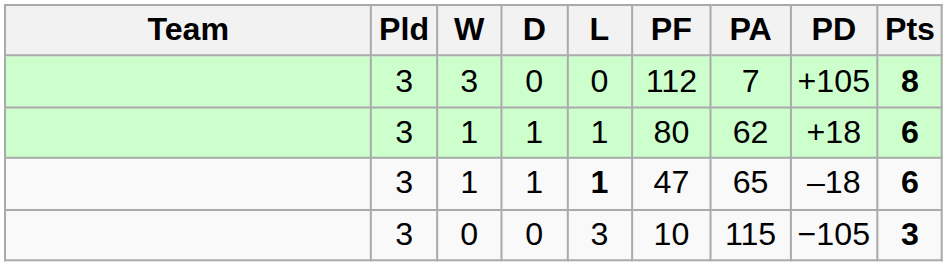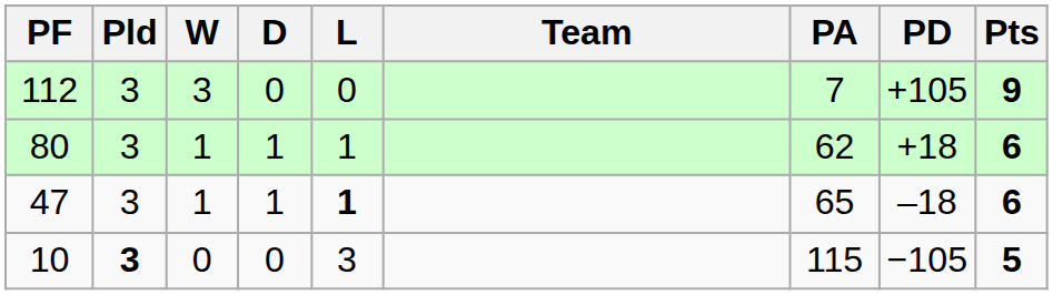 <table class="wikitable" style="text-align:center;">
 <tr>
-<th width=175>Team</th>
+<th width=32 abbr="Points for">PF</th>
 <th width=25 abbr="Played">Pld</th>
 <th width=25 abbr="Won">W</th>
 <th width=25 abbr="Drawn">D</th>
 <th width=25 abbr="Lost">L</th>
-<th width=32 abbr="Points for">PF</th>
+<th width=175>Team</th>
 <th width=32 abbr="Points against">PA</th>
 <th width=32 abbr="Points difference">PD</th>
 <th width=25 abbr="Points">Pts</th>
 </tr>
 <tr bgcolor=ccffcc>
-<td align=left></td>
+<td>112</td>
 <td>3</td>
 <td>3</td>
 <td>0</td>
 <td>0</td>
-<td>112</td>
+<td align=left></td>
 <td>7</td>
 <td>+105</td>
-<td><strong>8</strong></td>
+<td><strong>9</strong></td>
 </tr>
 <tr bgcolor=ccffcc>
-<td align=left></td>
+<td>80</td>
 <td>3</td>
 <td>1</td>
 <td>1</td>
 <td>1</td>
-<td>80</td>
+<td align=left></td>
 <td>62</td>
 <td>+18</td>
 <td><strong>6</strong></td>
 </tr>
 <tr>
-<td align=left></td>
+<td>47</td>
 <td>3</td>
 <td>1</td>
 <td>1</td>
 <td><strong>1</strong></td>
-<td>47</td>
+<td align=left></td>
 <td>65</td>
 <td>–18</td>
 <td><strong>6</strong></td>
 </tr>
 <tr>
-<td align=left></td>
-<td>3</td>
+<td>10</td>
+<td><strong>3</strong></td>
 <td>0</td>
 <td>0</td>
 <td>3</td>
-<td>10</td>
+<td align=left></td>
 <td>115</td>
 <td>−105</td>
-<td><strong>3</strong></td>
+<td><strong>5</strong></td>
 </tr>
 </table>
